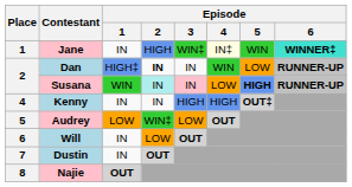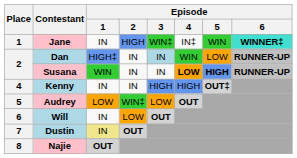 <table class="wikitable" style="text-align: center; font-size: 10pt">
 <tr>
 <th rowspan="2">Place</th>
 <th rowspan="2">Contestant</th>
 <th colspan="6">Episode</th>
 </tr>
 <tr>
 <th>1</th>
 <th>2</th>
 <th>3</th>
 <th>4</th>
 <th>5</th>
 <th>6</th>
 </tr>
 <tr>
 <th>1</th>
 <th style="background:pink">Jane</th>
 <td>IN</td>
 <td style="background:cornflowerblue;">HIGH</td>
 <td style="background:limegreen;">WIN‡</td>
-<td style="background: lightyellow;">IN‡</td>
+<td>IN‡</td>
 <td style="background:limegreen;">WIN</td>
 <td style="background:turquoise;"><strong>WINNER‡</strong></td>
 </tr>
 <tr>
 <th rowspan="2">2</th>
 <th style="background:lightblue">Dan</th>
 <td style="background:cornflowerblue;">HIGH‡</td>
-<td><strong>IN</strong></td>
 <td>IN</td>
+<td style="background: lightblue;">IN</td>
 <td style="background:limegreen;">WIN</td>
 <td style="background:orange;">LOW</td>
 <td style="background:silver;"><strong>RUNNER-UP</strong></td>
 </tr>
 <tr>
 <th style="background:Pink">Susana</th>
 <td style="background:limegreen;">WIN</td>
-<td style="background: paleturquoise;">IN</td>
-<td style="background: pink;">IN</td>
-<td style="background:orange;">LOW</td>
+<td>IN</td>
+<td>IN</td>
+<td style="background:orange;"><strong>LOW</strong></td>
 <td style="background:cornflowerblue;"><strong>HIGH</strong></td>
 <td style="background:silver;"><strong>RUNNER-UP</strong></td>
 </tr>
 <tr>
 <th>4</th>
 <th style="background:Lightblue">Kenny</th>
 <td>IN</td>
 <td>IN</td>
 <td style="background:cornflowerblue;">HIGH</td>
 <td style="background:cornflowerblue;">HIGH</td>
 <td style="background:lightgrey;"><strong>OUT‡</strong></td>
 <td colspan=3 style="background:darkgrey;"></td>
 </tr>
 <tr>
 <th>5</th>
 <th style="background:Pink">Audrey</th>
 <td style="background:orange;">LOW</td>
 <td style="background:limegreen;">WIN‡</td>
 <td style="background:orange;">LOW</td>
 <td style="background:lightgrey;"><strong>OUT</strong></td>
 <td colspan=2 style="background:darkgrey;"></td>
 </tr>
 <tr>
 <th>6</th>
 <th style="background:lightblue"><strong>Will</strong></th>
 <td>IN</td>
 <td style="background:orange;">LOW</td>
 <td style="background:lightgrey;"><strong>OUT</strong></td>
 <td colspan=3 style="background:darkgrey;"></td>
 </tr>
 <tr>
 <th>7</th>
 <th style="background:lightblue">Dustin</th>
-<td>IN</td>
+<td style="background: khaki;">IN</td>
 <td style="background:lightgrey;"><strong>OUT</strong></td>
 <td colspan=4 style="background:darkgrey;"></td>
 </tr>
 <tr>
 <th>8</th>
 <th style="background:pink"><strong>Najie</strong></th>
 <td style="background:lightgrey;"><strong>OUT</strong></td>
 <td colspan=5 style="background:darkgrey;"></td>
 </tr>
 </table>
